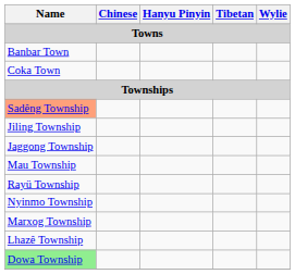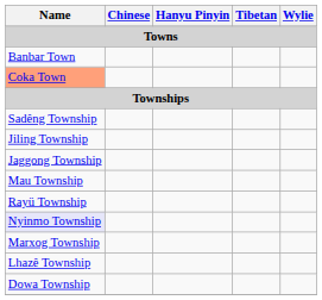 <table class="wikitable"  style="font-size:90%;" align=center>
 <tr>
 <th>Name</th>
 <th><a href='#'>Chinese</a></th>
 <th><a href='#'>Hanyu Pinyin</a></th>
 <th><a href='#'>Tibetan</a></th>
 <th><a href='#'>Wylie</a></th>
 </tr>
 <tr --------->
 <td colspan="7"  style="text-align:center; background:#d3d3d3;"><strong>Towns</strong></td>
 </tr>
 <tr --------->
 <td><a href='#'>Banbar Town</a></td>
 <td></td>
 <td></td>
 <td></td>
 <td></td>
 </tr>
 <tr>
-<td><a href='#'>Coka Town</a></td>
+<td style="background: lightsalmon;"><a href='#'>Coka Town</a></td>
 <td></td>
 <td></td>
 <td></td>
 <td></td>
 </tr>
 <tr --------->
 <td colspan="7"  style="text-align:center; background:#d3d3d3;"><strong>Townships</strong></td>
 </tr>
 <tr --------->
-<td style="background: lightsalmon;"><a href='#'>Sadêng Township</a></td>
+<td><a href='#'>Sadêng Township</a></td>
 <td></td>
 <td></td>
 <td></td>
 <td></td>
 </tr>
 <tr>
 <td><a href='#'>Jiling Township</a></td>
 <td></td>
 <td></td>
 <td></td>
 <td></td>
 </tr>
 <tr>
 <td><a href='#'>Jaggong Township</a></td>
 <td></td>
 <td></td>
 <td></td>
 <td></td>
 </tr>
 <tr>
 <td><a href='#'>Mau Township</a></td>
 <td></td>
 <td></td>
 <td></td>
 <td></td>
 </tr>
 <tr>
 <td><a href='#'>Rayü Township</a></td>
 <td></td>
 <td></td>
 <td></td>
 <td></td>
 </tr>
 <tr>
-<td><a href='#'>Nyinmo Township</a></td>
+<td style="background: lavender;"><a href='#'>Nyinmo Township</a></td>
 <td></td>
 <td></td>
 <td></td>
 <td></td>
 </tr>
 <tr>
 <td><a href='#'>Marxog Township</a></td>
 <td></td>
 <td></td>
 <td></td>
 <td></td>
 </tr>
 <tr>
 <td><a href='#'>Lhazê Township</a></td>
 <td></td>
 <td></td>
 <td></td>
 <td></td>
 </tr>
 <tr>
-<td style="background: lightgreen;"><a href='#'>Dowa Township</a></td>
+<td><a href='#'>Dowa Township</a></td>
 <td></td>
 <td></td>
 <td></td>
 <td></td>
 </tr>
 <tr>
 </tr>
 </table>
